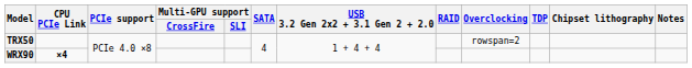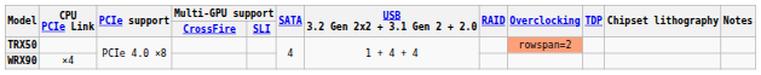 <table class="wikitable" style="text-align: center">
 <tr>
 <th rowspan=2>Model</th>
 <th rowspan=2>CPU<br><a href='#'>PCIe</a> Link</th>
 <th rowspan="2"><a href='#'>PCIe</a> support</th>
 <th colspan="2">Multi-GPU support</th>
 <th rowspan=2><a href='#'>SATA</a></th>
 <th rowspan=2><a href='#'>USB</a><br>3.2 Gen 2x2 + 3.1 Gen 2 + 2.0</th>
 <th rowspan=2><a href='#'>RAID</a></th>
 <th rowspan=2><a href='#'>Overclocking</a></th>
 <th rowspan=2><a href='#'>TDP</a></th>
 <th rowspan=2>Chipset lithography</th>
 <th rowspan=2>Notes</th>
 </tr>
 <tr>
 <th><a href='#'>CrossFire</a></th>
 <th><a href='#'>SLI</a></th>
 </tr>
 <tr>
 <th style="text-align: left">TRX50</th>
 <td></td>
 <td rowspan=4>PCIe 4.0 ×8</td>
 <td></td>
 <td></td>
 <td rowspan=2>4</td>
 <td rowspan=2>1 + 4 + 4</td>
 <td></td>
-<td>rowspan=2 </td>
+<td style="background: lightsalmon;">rowspan=2 </td>
 <td></td>
 <td></td>
 <td></td>
 </tr>
 <tr>
 <th style="text-align: left">WRX90</th>
-<td><strong>×4</strong></td>
+<td>×4</td>
 <td></td>
 <td></td>
 <td></td>
 <td></td>
 <td></td>
 <td></td>
 </tr>
 </table>
